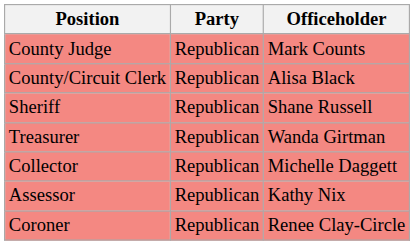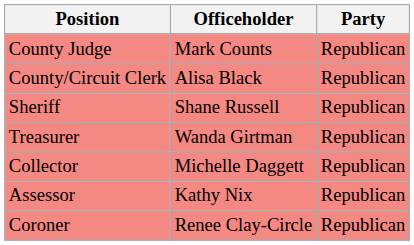 <table class="wikitable mw-collapsible">
 <tr>
 <th>Position</th>
+<th>Officeholder</th>
 <th>Party</th>
-<th>Officeholder</th>
 </tr>
 <tr style="background-color:#F48882;">
 <td>County Judge</td>
+<td>Mark Counts</td>
 <td>Republican</td>
-<td>Mark Counts</td>
 </tr>
 <tr style="background-color:#F48882;">
 <td>County/Circuit Clerk</td>
+<td>Alisa Black</td>
 <td>Republican</td>
-<td>Alisa Black</td>
 </tr>
 <tr style="background-color:#F48882;">
 <td>Sheriff</td>
+<td>Shane Russell</td>
 <td>Republican</td>
-<td>Shane Russell</td>
 </tr>
 <tr style="background-color:#F48882;">
 <td>Treasurer</td>
+<td>Wanda Girtman</td>
 <td>Republican</td>
-<td>Wanda Girtman</td>
 </tr>
 <tr style="background-color:#F48882;">
 <td>Collector</td>
+<td>Michelle Daggett</td>
 <td>Republican</td>
-<td>Michelle Daggett</td>
 </tr>
 <tr style="background-color:#F48882;">
 <td>Assessor</td>
+<td>Kathy Nix</td>
 <td>Republican</td>
-<td>Kathy Nix</td>
 </tr>
 <tr style="background-color:#F48882;">
 <td>Coroner</td>
+<td>Renee Clay-Circle</td>
 <td>Republican</td>
-<td>Renee Clay-Circle</td>
 </tr>
 </table>
